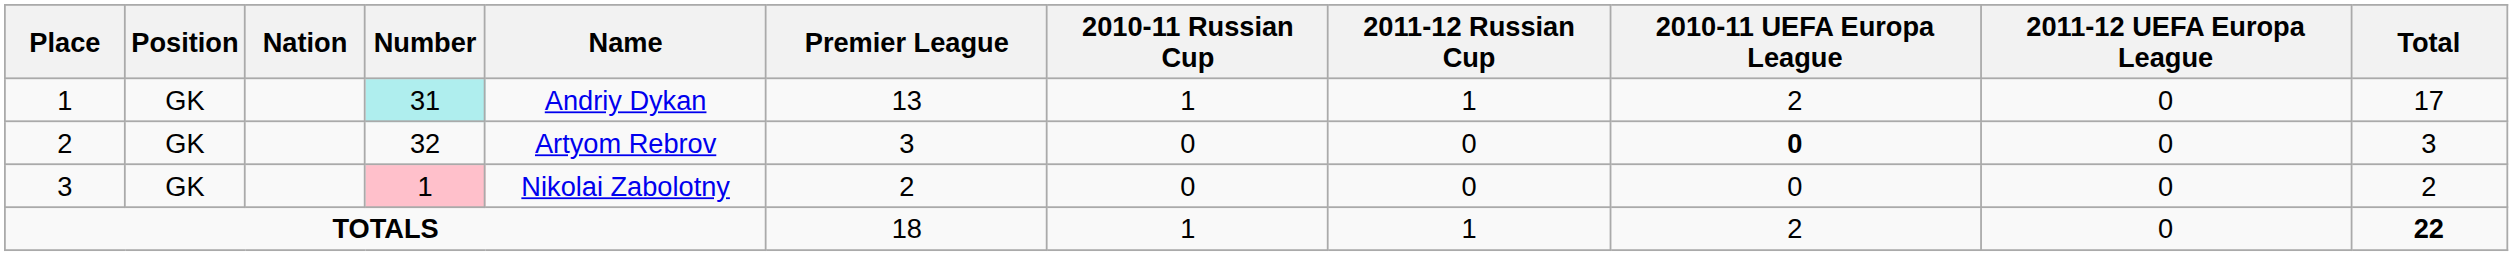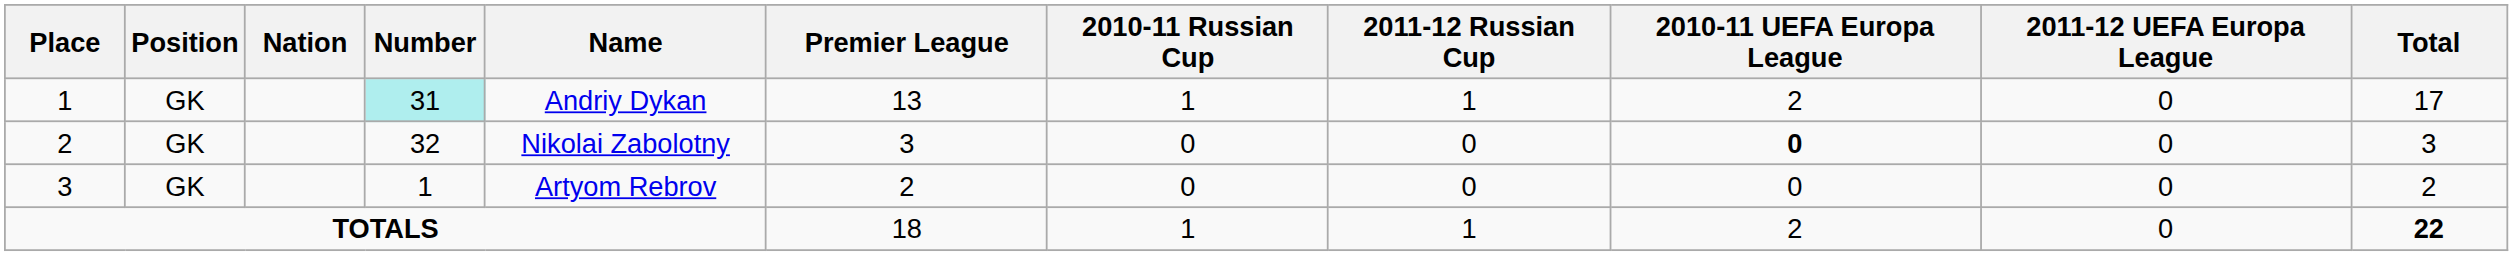 <table class="wikitable" style="font-size: 95%; text-align: center;">
 <tr>
 <th width=60>Place</th>
 <th width=60>Position</th>
 <th width=60>Nation</th>
 <th width=60>Number</th>
 <th width=150>Name</th>
 <th width=150>Premier League</th>
 <th width=150>2010-11 Russian Cup</th>
 <th width=150>2011-12 Russian Cup</th>
 <th width=200>2010-11 UEFA Europa League</th>
 <th width=200>2011-12 UEFA Europa League</th>
 <th width=80>Total</th>
 </tr>
 <tr>
 <td>1</td>
 <td>GK</td>
 <td></td>
 <td style="background: paleturquoise;">31</td>
 <td><a href='#'>Andriy Dykan</a></td>
 <td>13</td>
 <td>1</td>
 <td>1</td>
 <td>2</td>
 <td>0</td>
 <td>17</td>
 </tr>
 <tr>
 <td>2</td>
 <td>GK</td>
 <td></td>
 <td>32</td>
-<td><a href='#'>Artyom Rebrov</a></td>
+<td><a href='#'>Nikolai Zabolotny</a></td>
 <td>3</td>
 <td>0</td>
 <td>0</td>
 <td><strong>0</strong></td>
 <td>0</td>
 <td>3</td>
 </tr>
 <tr>
 <td>3</td>
 <td>GK</td>
 <td></td>
-<td style="background: pink;">1</td>
-<td><a href='#'>Nikolai Zabolotny</a></td>
+<td>1</td>
+<td><a href='#'>Artyom Rebrov</a></td>
 <td>2</td>
 <td>0</td>
 <td>0</td>
 <td>0</td>
 <td>0</td>
 <td>2</td>
 </tr>
 <tr>
 <td colspan="5"><strong>TOTALS</strong></td>
 <td>18</td>
 <td>1</td>
 <td>1</td>
 <td>2</td>
 <td>0</td>
 <td><strong>22</strong></td>
 </tr>
 </table>
